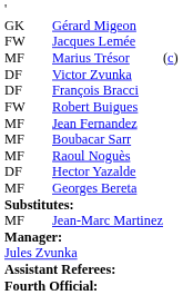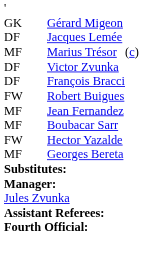 <table style=font-size:90% cellspacing=0 cellpadding=0>
 <tr>
 <td colspan=4>'</td>
 </tr>
 <tr>
 <th width=25></th>
 <th width=25></th>
 </tr>
 <tr>
 <td>GK</td>
 <td><strong> </strong></td>
 <td> <a href='#'>Gérard Migeon</a></td>
 </tr>
 <tr>
-<td>FW</td>
+<td>DF</td>
 <td><strong> </strong></td>
 <td> <a href='#'>Jacques Lemée</a></td>
 </tr>
 <tr>
 <td>MF</td>
 <td><strong> </strong></td>
 <td> <a href='#'>Marius Trésor</a></td>
 <td>(<a href='#'>c</a>)</td>
 </tr>
 <tr>
 <td>DF</td>
 <td><strong> </strong></td>
 <td> <a href='#'>Victor Zvunka</a></td>
 </tr>
 <tr>
 <td>DF</td>
 <td><strong> </strong></td>
 <td> <a href='#'>François Bracci</a></td>
 </tr>
 <tr>
 <td>FW</td>
 <td><strong> </strong></td>
 <td> <a href='#'>Robert Buigues</a></td>
 </tr>
 <tr>
 <td>MF</td>
 <td><strong> </strong></td>
 <td> <a href='#'>Jean Fernandez</a></td>
 </tr>
 <tr>
 <td>MF</td>
 <td><strong> </strong></td>
 <td> <a href='#'>Boubacar Sarr</a></td>
 </tr>
 <tr>
-<td>MF</td>
-<td><strong> </strong></td>
-<td> <a href='#'>Raoul Noguès</a></td>
-<td></td>
-<td></td>
-</tr>
-<tr>
-<td>DF</td>
+<td>FW</td>
 <td><strong> </strong></td>
 <td> <a href='#'>Hector Yazalde</a></td>
 </tr>
 <tr>
 <td>MF</td>
 <td><strong> </strong></td>
 <td> <a href='#'>Georges Bereta</a></td>
 </tr>
 <tr>
 <td colspan=3><strong>Substitutes:</strong></td>
 </tr>
 <tr>
-<td>MF</td>
-<td><strong> </strong></td>
-<td> <a href='#'>Jean-Marc Martinez</a></td>
-<td></td>
-<td></td>
-</tr>
-<tr>
 <td colspan=3><strong>Manager:</strong></td>
 </tr>
 <tr>
 <td colspan=4> <a href='#'>Jules Zvunka</a><br><strong>Assistant Referees:</strong><br> <strong>Fourth Official:</strong><br></td>
 </tr>
 </table>
